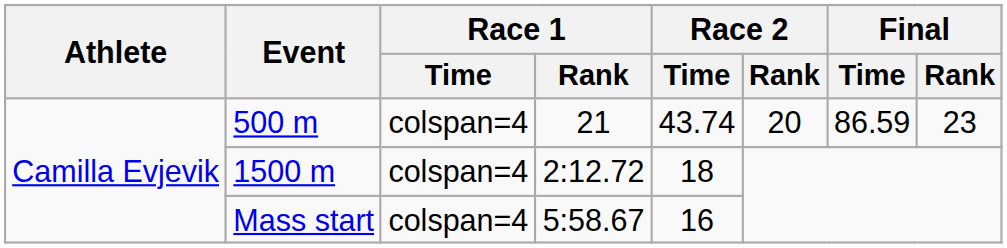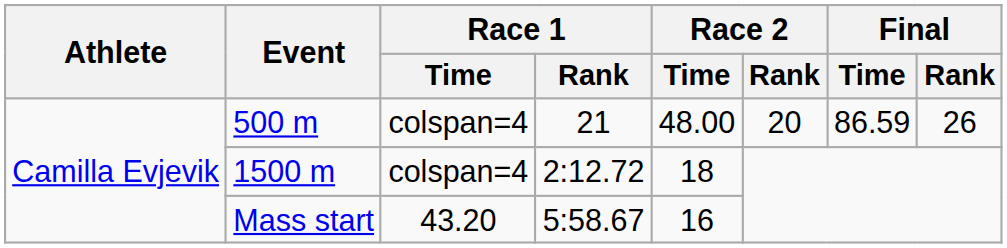 <table class="wikitable" style="font-size:90%">
 <tr>
 <th rowspan=2>Athlete</th>
 <th rowspan=2>Event</th>
 <th colspan=2>Race 1</th>
 <th colspan=2>Race 2</th>
 <th colspan=2>Final</th>
 </tr>
 <tr style="font-size:95%">
 <th>Time</th>
 <th>Rank</th>
 <th>Time</th>
 <th>Rank</th>
 <th>Time</th>
 <th>Rank</th>
 </tr>
 <tr align=center>
 <td align=left rowspan=3><a href='#'>Camilla Evjevik</a></td>
 <td align=left><a href='#'>500 m</a></td>
 <td>colspan=4 </td>
 <td>21</td>
-<td>43.74</td>
+<td>48.00</td>
 <td>20</td>
 <td>86.59</td>
-<td>23</td>
+<td>26</td>
 </tr>
 <tr align=center>
 <td align=left><a href='#'>1500 m</a></td>
 <td>colspan=4 </td>
 <td>2:12.72</td>
 <td>18</td>
 </tr>
 <tr align=center>
 <td align=left><a href='#'>Mass start</a></td>
-<td>colspan=4 </td>
+<td>43.20</td>
 <td>5:58.67</td>
 <td>16</td>
 </tr>
 </table>
